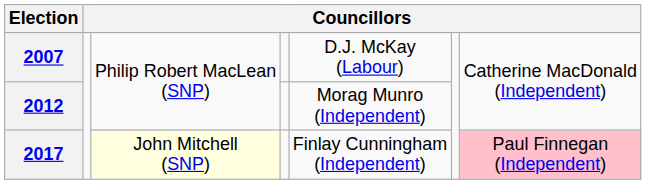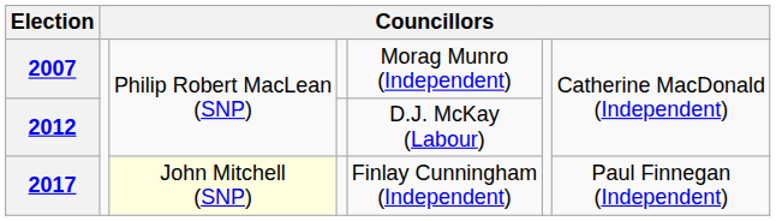 <table class="wikitable" style="text-align:center">
 <tr>
 <th>Election</th>
 <th colspan=8>Councillors</th>
 </tr>
 <tr>
 <th><a href='#'>2007</a></th>
 <td rowspan=3; style="background-color: "></td>
 <td rowspan=2>Philip Robert MacLean<br>(<a href='#'>SNP</a>)</td>
 <td rowspan=1; style="background-color: "></td>
-<td rowspan=1>D.J. McKay<br>(<a href='#'>Labour</a>)</td>
+<td rowspan=1>Morag Munro<br>(<a href='#'>Independent</a>)</td>
 <td rowspan=3; style="background-color: "></td>
 <td rowspan=2>Catherine MacDonald<br>(<a href='#'>Independent</a>)</td>
 </tr>
 <tr>
 <th><a href='#'>2012</a></th>
 <td rowspan=1; style="background-color: "></td>
-<td rowspan=1>Morag Munro<br>(<a href='#'>Independent</a>)</td>
+<td rowspan=1>D.J. McKay<br>(<a href='#'>Labour</a>)</td>
 </tr>
 <tr>
 <th><a href='#'>2017</a></th>
 <td rowspan=1 style="background: lightyellow;">John Mitchell<br>(<a href='#'>SNP</a>)</td>
 <td rowspan=3; style="background-color: "></td>
 <td rowspan=1>Finlay Cunningham<br>(<a href='#'>Independent</a>)</td>
-<td rowspan=1 style="background: pink;">Paul Finnegan<br>(<a href='#'>Independent</a>)</td>
+<td rowspan=1>Paul Finnegan<br>(<a href='#'>Independent</a>)</td>
 </tr>
 </table>
